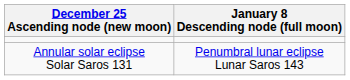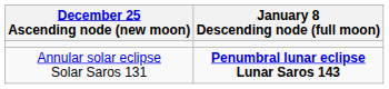 <table class="wikitable">
 <tr>
 <th><a href='#'>December 25</a><br>Ascending node (new moon)<br></th>
 <th>January 8<br>Descending node (full moon)</th>
 </tr>
 <tr>
 <td></td>
 <td></td>
 </tr>
 <tr align=center>
 <td><a href='#'>Annular solar eclipse</a><br>Solar Saros 131</td>
-<td><a href='#'>Penumbral lunar eclipse</a><br>Lunar Saros 143</td>
+<td><strong><a href='#'>Penumbral lunar eclipse</a><br>Lunar Saros 143</strong></td>
 </tr>
 </table>
